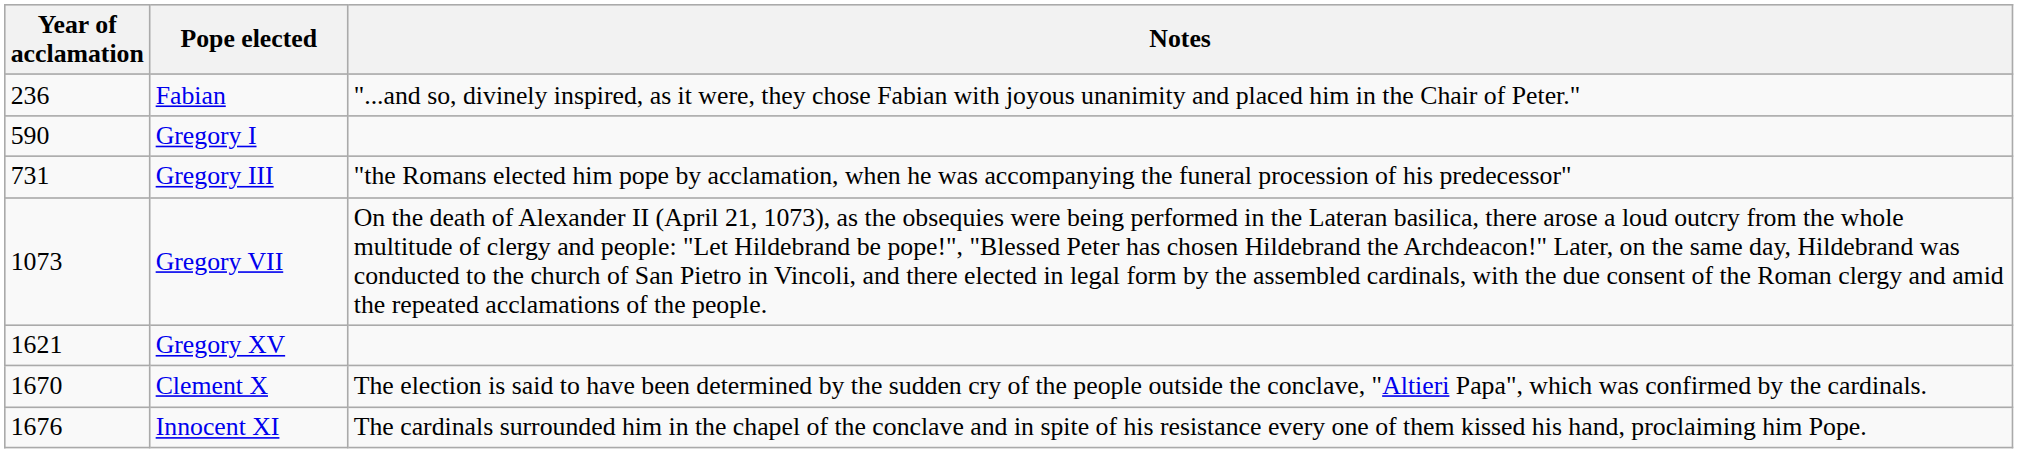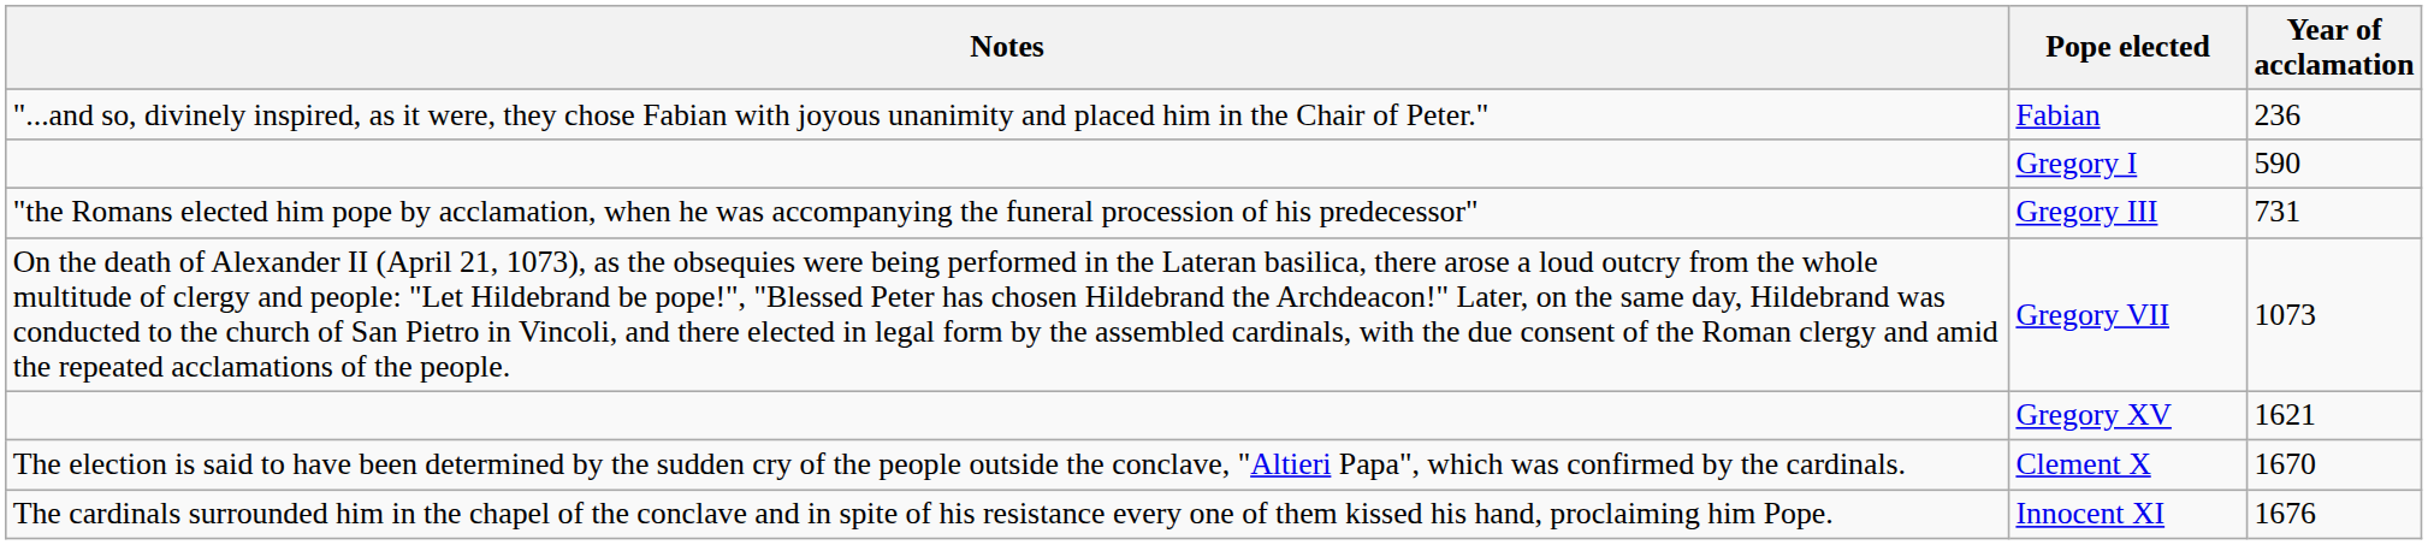 <table class=wikitable>
 <tr>
+<th width=85%>Notes</th>
+<th width=10%>Pope elected</th>
 <th width=5%>Year of acclamation</th>
-<th width=10%>Pope elected</th>
-<th width=85%>Notes</th>
 </tr>
 <tr valign="top">
+<td>"...and so, divinely inspired, as it were, they chose Fabian with joyous unanimity and placed him in the Chair of Peter."</td>
+<td><a href='#'>Fabian</a></td>
 <td>236</td>
-<td><a href='#'>Fabian</a></td>
-<td>"...and so, divinely inspired, as it were, they chose Fabian with joyous unanimity and placed him in the Chair of Peter."</td>
 </tr>
 <tr>
+<td></td>
+<td><a href='#'>Gregory I</a></td>
 <td>590</td>
-<td><a href='#'>Gregory I</a></td>
-<td></td>
 </tr>
 <tr>
+<td>"the Romans elected him pope by acclamation, when he was accompanying the funeral procession of his predecessor"</td>
+<td><a href='#'>Gregory III</a></td>
 <td>731</td>
-<td><a href='#'>Gregory III</a></td>
-<td>"the Romans elected him pope by acclamation, when he was accompanying the funeral procession of his predecessor"</td>
 </tr>
 <tr>
+<td>On the death of Alexander II (April 21, 1073), as the obsequies were being performed in the Lateran basilica, there arose a loud outcry from the whole multitude of clergy and people: "Let Hildebrand be pope!", "Blessed Peter has chosen Hildebrand the Archdeacon!" Later, on the same day, Hildebrand was conducted to the church of San Pietro in Vincoli, and there elected in legal form by the assembled cardinals, with the due consent of the Roman clergy and amid the repeated acclamations of the people.</td>
+<td><a href='#'>Gregory VII</a></td>
 <td>1073</td>
-<td><a href='#'>Gregory VII</a></td>
-<td>On the death of Alexander II (April 21, 1073), as the obsequies were being performed in the Lateran basilica, there arose a loud outcry from the whole multitude of clergy and people: "Let Hildebrand be pope!", "Blessed Peter has chosen Hildebrand the Archdeacon!" Later, on the same day, Hildebrand was conducted to the church of San Pietro in Vincoli, and there elected in legal form by the assembled cardinals, with the due consent of the Roman clergy and amid the repeated acclamations of the people.</td>
 </tr>
 <tr>
+<td></td>
+<td><a href='#'>Gregory XV</a></td>
 <td>1621</td>
-<td><a href='#'>Gregory XV</a></td>
-<td></td>
 </tr>
 <tr>
+<td>The election is said to have been determined by the sudden cry of the people outside the conclave, "<a href='#'>Altieri</a> Papa", which was confirmed by the cardinals.</td>
+<td><a href='#'>Clement X</a></td>
 <td>1670</td>
-<td><a href='#'>Clement X</a></td>
-<td>The election is said to have been determined by the sudden cry of the people outside the conclave, "<a href='#'>Altieri</a> Papa", which was confirmed by the cardinals.</td>
 </tr>
 <tr>
+<td>The cardinals surrounded him in the chapel of the conclave and in spite of his resistance every one of them kissed his hand, proclaiming him Pope.</td>
+<td><a href='#'>Innocent XI</a></td>
 <td>1676</td>
-<td><a href='#'>Innocent XI</a></td>
-<td>The cardinals surrounded him in the chapel of the conclave and in spite of his resistance every one of them kissed his hand, proclaiming him Pope.</td>
 </tr>
 </table>
